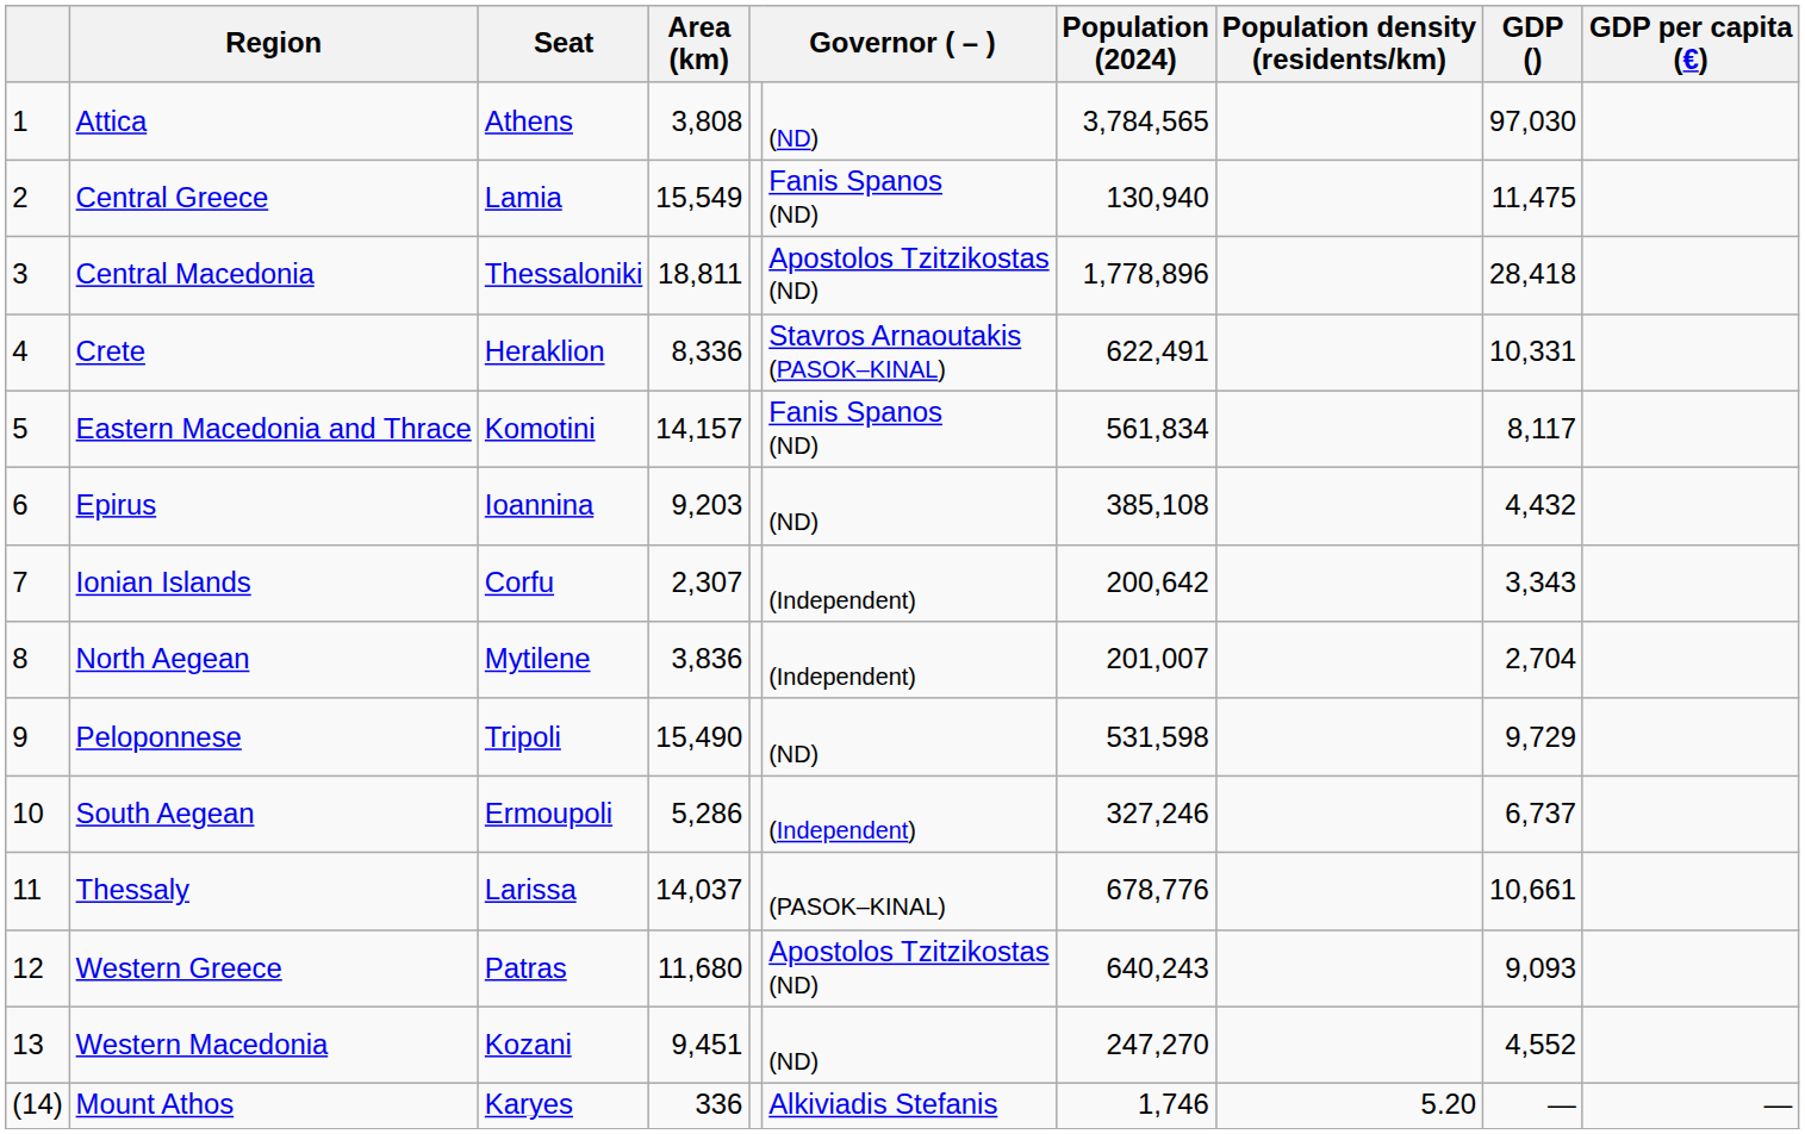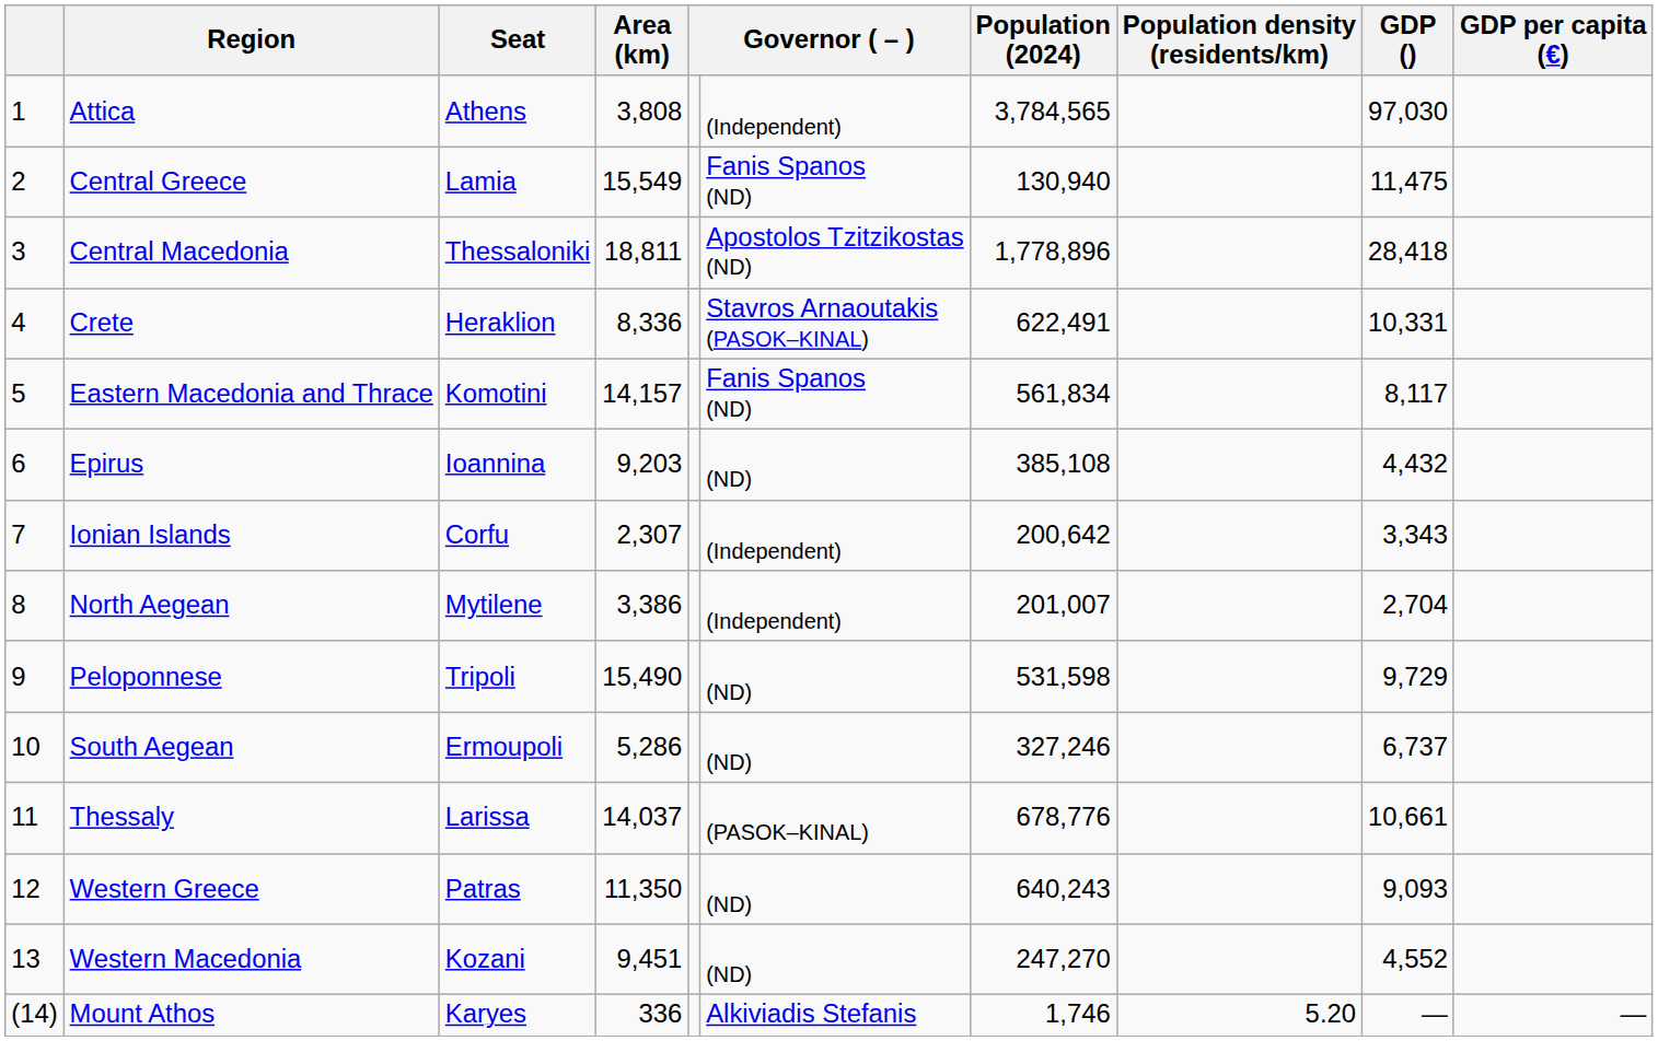 <table class="wikitable sortable">
 <tr>
 <th></th>
 <th>Region</th>
 <th>Seat</th>
 <th>Area<br>(km)</th>
 <th colspan="2">Governor ( – )</th>
 <th>Population<br>(2024)</th>
 <th>Population density<br>(residents/km)</th>
 <th>GDP<br>()</th>
 <th>GDP per capita <br>(<a href='#'>€</a>)</th>
 </tr>
 <tr>
 <td>1</td>
 <td><a href='#'>Attica</a></td>
 <td><a href='#'>Athens</a></td>
 <td align="right">3,808</td>
 <td style="background:"></td>
-<td><br><small>(<a href='#'>ND</a>)</small></td>
+<td><br><small>(Independent)</small></td>
 <td align="right">3,784,565</td>
 <td align="right"></td>
 <td align="right">97,030</td>
 <td align="right"></td>
 </tr>
 <tr>
 <td>2</td>
 <td><a href='#'>Central Greece</a></td>
 <td><a href='#'>Lamia</a></td>
 <td align="right">15,549</td>
 <td style="background:"></td>
 <td><a href='#'>Fanis Spanos</a><br><small>(ND)</small></td>
 <td align="right">130,940</td>
 <td align="right"></td>
 <td align="right">11,475</td>
 <td align="right"></td>
 </tr>
 <tr>
 <td>3</td>
 <td><a href='#'>Central Macedonia</a></td>
 <td><a href='#'>Thessaloniki</a></td>
 <td align="right">18,811</td>
 <td style="background:"></td>
 <td><a href='#'>Apostolos Tzitzikostas</a><br><small>(ND)</small></td>
 <td align="right">1,778,896</td>
 <td align="right"></td>
 <td align="right">28,418</td>
 <td align="right"></td>
 </tr>
 <tr>
 <td>4</td>
 <td><a href='#'>Crete</a></td>
 <td><a href='#'>Heraklion</a></td>
 <td align="right">8,336</td>
 <td style="background:"></td>
 <td><a href='#'>Stavros Arnaoutakis</a><br><small>(<a href='#'>PASOK–KINAL</a>)</small></td>
 <td align="right">622,491</td>
 <td align="right"></td>
 <td align="right">10,331</td>
 <td align="right"></td>
 </tr>
 <tr>
 <td>5</td>
 <td><a href='#'>Eastern Macedonia and Thrace</a></td>
 <td><a href='#'>Komotini</a></td>
 <td align="right">14,157</td>
 <td style="background:"></td>
 <td><a href='#'>Fanis Spanos</a><br><small>(ND)</small></td>
 <td align="right">561,834</td>
 <td align="right"></td>
 <td align="right">8,117</td>
 <td align="right"></td>
 </tr>
 <tr>
 <td>6</td>
 <td><a href='#'>Epirus</a></td>
 <td><a href='#'>Ioannina</a></td>
 <td align="right">9,203</td>
 <td style="background:"></td>
 <td><br><small>(ND)</small></td>
 <td align="right">385,108</td>
 <td align="right"></td>
 <td align="right">4,432</td>
 <td align="right"></td>
 </tr>
 <tr>
 <td>7</td>
 <td><a href='#'>Ionian Islands</a></td>
 <td><a href='#'>Corfu</a></td>
 <td align="right">2,307</td>
 <td style="background:"></td>
 <td><br><small>(Independent)</small></td>
 <td align="right">200,642</td>
 <td align="right"></td>
 <td align="right">3,343</td>
 <td align="right"></td>
 </tr>
 <tr>
 <td>8</td>
 <td><a href='#'>North Aegean</a></td>
 <td><a href='#'>Mytilene</a></td>
-<td align="right">3,836</td>
+<td align="right">3,386</td>
 <td style="background:"></td>
 <td><br><small>(Independent)</small></td>
 <td align="right">201,007</td>
 <td align="right"></td>
 <td align="right">2,704</td>
 <td align="right"></td>
 </tr>
 <tr>
 <td>9</td>
 <td><a href='#'>Peloponnese</a></td>
 <td><a href='#'>Tripoli</a></td>
 <td align="right">15,490</td>
 <td style="background:"></td>
 <td><br><small>(ND)</small></td>
 <td align="right">531,598</td>
 <td align="right"></td>
 <td align="right">9,729</td>
 <td align="right"></td>
 </tr>
 <tr>
 <td>10</td>
 <td><a href='#'>South Aegean</a></td>
 <td><a href='#'>Ermoupoli</a></td>
 <td align="right">5,286</td>
 <td style="background:"></td>
-<td><br><small>(<a href='#'>Independent</a>)</small></td>
+<td><br><small>(ND)</small></td>
 <td align="right">327,246</td>
 <td align="right"></td>
 <td align="right">6,737</td>
 <td align="right"></td>
 </tr>
 <tr>
 <td>11</td>
 <td><a href='#'>Thessaly</a></td>
 <td><a href='#'>Larissa</a></td>
 <td align="right">14,037</td>
 <td style="background:"></td>
 <td><br><small>(PASOK–KINAL)</small></td>
 <td align="right">678,776</td>
 <td align="right"></td>
 <td align="right">10,661</td>
 <td align="right"></td>
 </tr>
 <tr>
 <td>12</td>
 <td><a href='#'>Western Greece</a></td>
 <td><a href='#'>Patras</a></td>
-<td align="right">11,680</td>
+<td align="right">11,350</td>
 <td style="background:"></td>
-<td><a href='#'>Apostolos Tzitzikostas</a><br><small>(ND)</small></td>
+<td><br><small>(ND)</small></td>
 <td align="right">640,243</td>
 <td align="right"></td>
 <td align="right">9,093</td>
 <td align="right"></td>
 </tr>
 <tr>
 <td>13</td>
 <td><a href='#'>Western Macedonia</a></td>
 <td><a href='#'>Kozani</a></td>
 <td align="right">9,451</td>
 <td style="background:"></td>
 <td><br><small>(ND)</small></td>
 <td align="right">247,270</td>
 <td align="right"></td>
 <td align="right">4,552</td>
 <td align="right"></td>
 </tr>
 <tr>
 <td>(14)</td>
 <td><a href='#'>Mount Athos</a></td>
 <td><a href='#'>Karyes</a></td>
 <td align="right">336</td>
 <td></td>
 <td><a href='#'>Alkiviadis Stefanis</a></td>
 <td align="right">1,746</td>
 <td align="right">5.20</td>
 <td align="right">—</td>
 <td align="right">—</td>
 </tr>
 <tr>
 </tr>
 </table>
